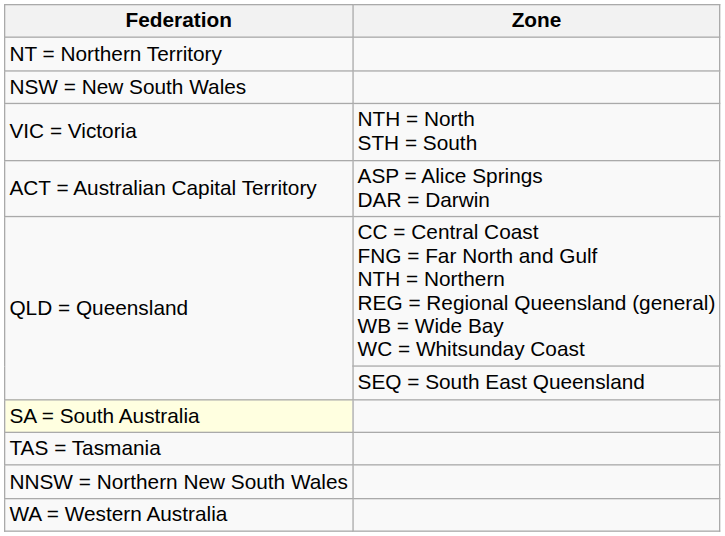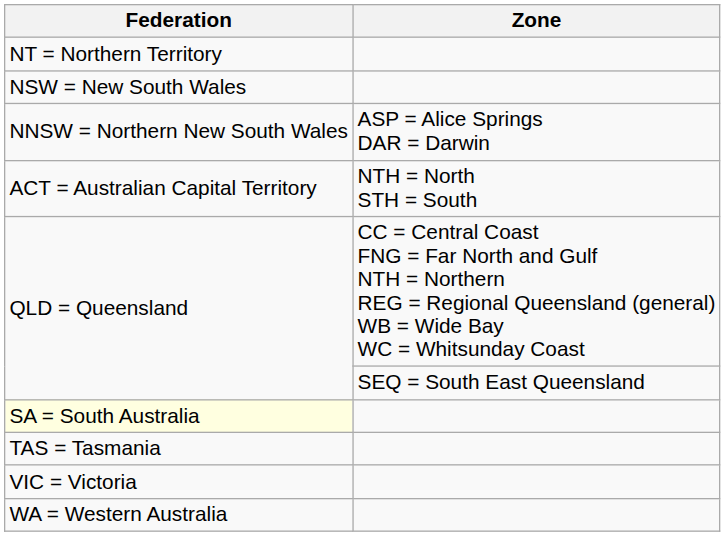 <table class="wikitable">
 <tr>
 <th>Federation</th>
 <th>Zone</th>
 </tr>
 <tr>
 <td>NT = Northern Territory</td>
 <td></td>
 </tr>
 <tr>
 <td>NSW = New South Wales</td>
 <td></td>
 </tr>
 <tr>
-<td>VIC = Victoria</td>
-<td>NTH = North <br> STH = South</td>
+<td>NNSW = Northern New South Wales</td>
+<td>ASP = Alice Springs <br> DAR = Darwin</td>
 </tr>
 <tr>
 <td>ACT = Australian Capital Territory</td>
-<td>ASP = Alice Springs <br> DAR = Darwin</td>
+<td>NTH = North <br> STH = South</td>
 </tr>
 <tr>
 <td rowspan=2>QLD = Queensland</td>
 <td>CC = Central Coast<br>FNG = Far North and Gulf<br>NTH = Northern<br>REG = Regional Queensland (general)<br>WB = Wide Bay<br>WC = Whitsunday Coast</td>
 </tr>
 <tr>
 <td>SEQ = South East Queensland</td>
 </tr>
 <tr>
 <td style="background: lightyellow;">SA = South Australia</td>
 <td></td>
 </tr>
 <tr>
 <td>TAS = Tasmania</td>
 <td></td>
 </tr>
 <tr>
-<td>NNSW = Northern New South Wales</td>
+<td>VIC = Victoria</td>
 <td></td>
 </tr>
 <tr>
 <td>WA = Western Australia</td>
 <td></td>
 </tr>
 </table>
